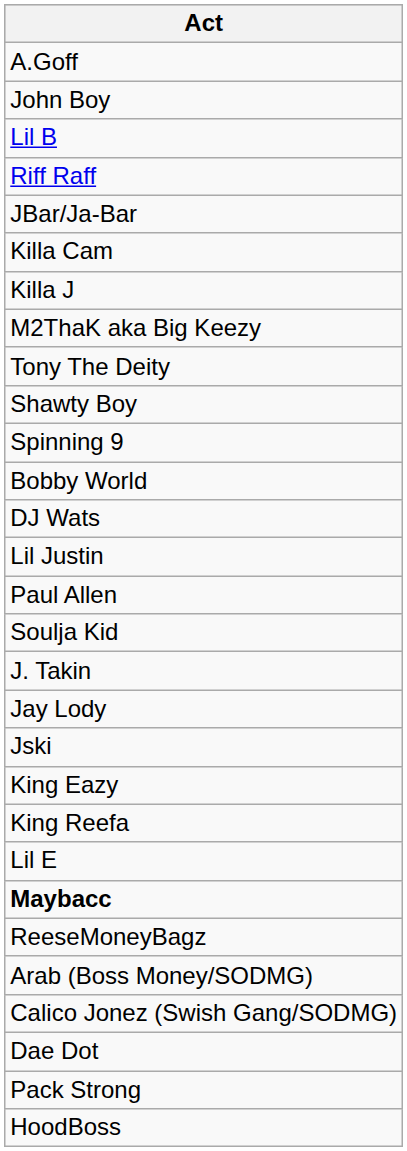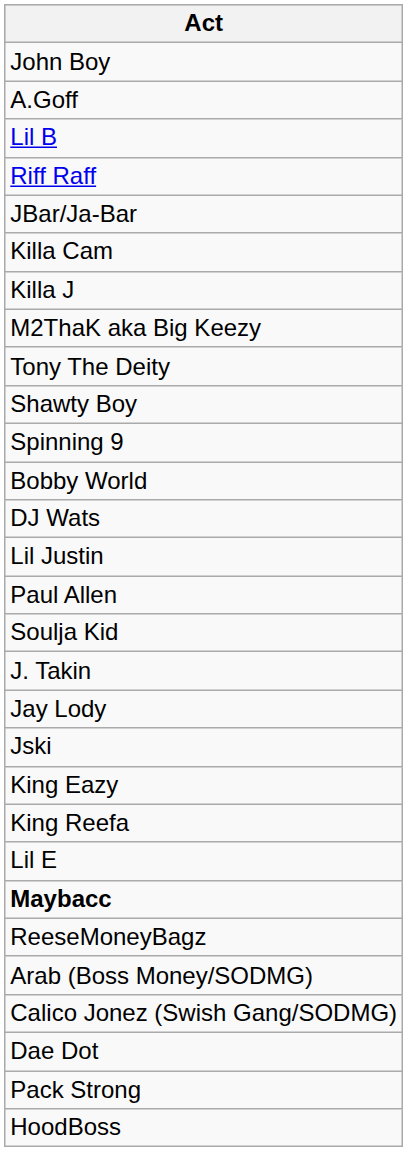 <table class="wikitable">
 <tr style="background:#ccc;">
 <th style="text-align:center;">Act</th>
 </tr>
 <tr>
-<td>A.Goff</td>
+<td>John Boy</td>
 </tr>
 <tr>
-<td>John Boy</td>
+<td>A.Goff</td>
 </tr>
 <tr>
 <td><a href='#'>Lil B</a></td>
 </tr>
 <tr>
 <td><a href='#'>Riff Raff</a></td>
 </tr>
 <tr>
 <td>JBar/Ja-Bar</td>
 </tr>
 <tr>
 <td>Killa Cam</td>
 </tr>
 <tr>
 <td>Killa J</td>
 </tr>
 <tr>
 <td>M2ThaK aka Big Keezy</td>
 </tr>
 <tr>
 <td>Tony The Deity</td>
 </tr>
 <tr>
 <td>Shawty Boy</td>
 </tr>
 <tr>
 <td>Spinning 9</td>
 </tr>
 <tr>
 <td>Bobby World</td>
 </tr>
 <tr>
 <td>DJ Wats</td>
 </tr>
 <tr>
 <td>Lil Justin</td>
 </tr>
 <tr>
 <td>Paul Allen</td>
 </tr>
 <tr>
 <td>Soulja Kid</td>
 </tr>
 <tr>
 <td>J. Takin</td>
 </tr>
 <tr>
 <td>Jay Lody</td>
 </tr>
 <tr>
 <td>Jski</td>
 </tr>
 <tr>
 <td>King Eazy</td>
 </tr>
 <tr>
 <td>King Reefa</td>
 </tr>
 <tr>
 <td>Lil E</td>
 </tr>
 <tr>
 <td><strong>Maybacc</strong></td>
 </tr>
 <tr>
 <td>ReeseMoneyBagz</td>
 </tr>
 <tr>
 <td>Arab (Boss Money/SODMG)</td>
 </tr>
 <tr>
 <td>Calico Jonez (Swish Gang/SODMG)</td>
 </tr>
 <tr>
 <td>Dae Dot</td>
 </tr>
 <tr>
 <td>Pack Strong</td>
 </tr>
 <tr>
 <td>HoodBoss</td>
 </tr>
 </table>
